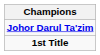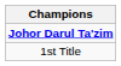 <table class="wikitable" style="text-align: center; margin: 0 auto;">
 <tr>
 <th>Champions</th>
 </tr>
 <tr>
 <td><strong><a href='#'>Johor Darul Ta'zim</a></strong></td>
 </tr>
 <tr>
-<td><strong>1st Title</strong></td>
+<td>1st Title</td>
 </tr>
 </table>
